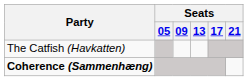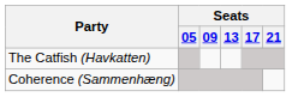 <table class="wikitable">
 <tr>
 <th rowspan=2>Party</th>
 <th colspan=11>Seats</th>
 </tr>
 <tr>
 <th><a href='#'>05</a></th>
 <th><a href='#'>09</a></th>
 <th><a href='#'>13</a></th>
 <th><a href='#'>17</a></th>
 <th><a href='#'>21</a></th>
 </tr>
 <tr>
 <td>The Catfish <em>(Havkatten)</em></td>
 <td style="background:#CDC9C9;"></td>
 <td></td>
 <td></td>
 <td style="background:#CDC9C9;" colspan=2></td>
 </tr>
 <tr>
-<td><strong>Coherence <em>(Sammenhæng)</em></strong></td>
+<td>Coherence <em>(Sammenhæng)</em></td>
 <td style="background:#CDC9C9;" colspan=4></td>
 <td></td>
 </tr>
 </table>
